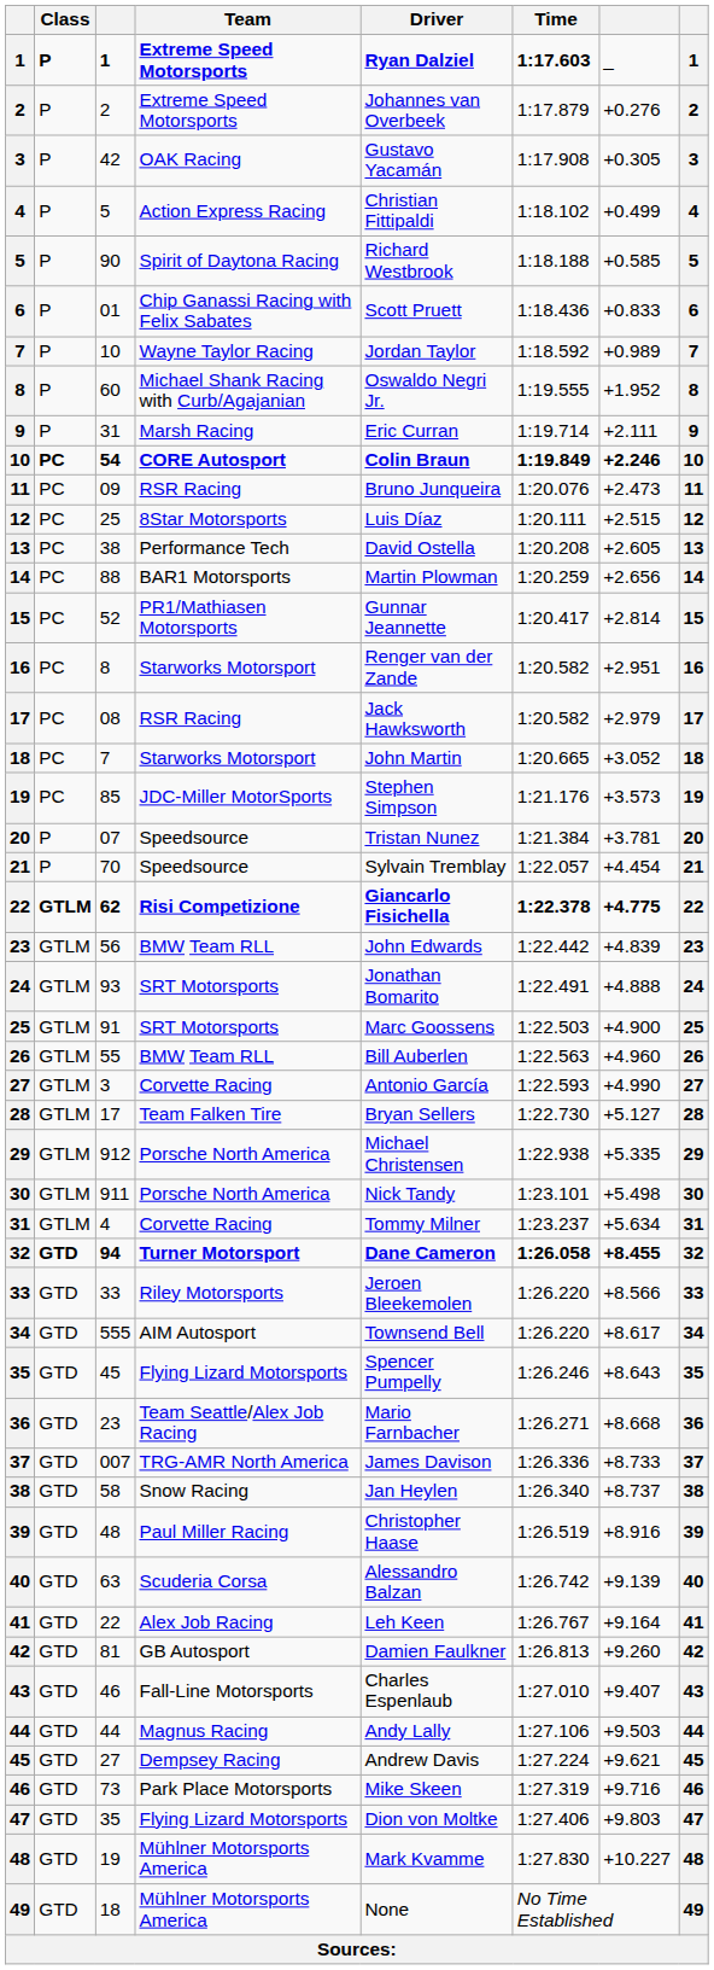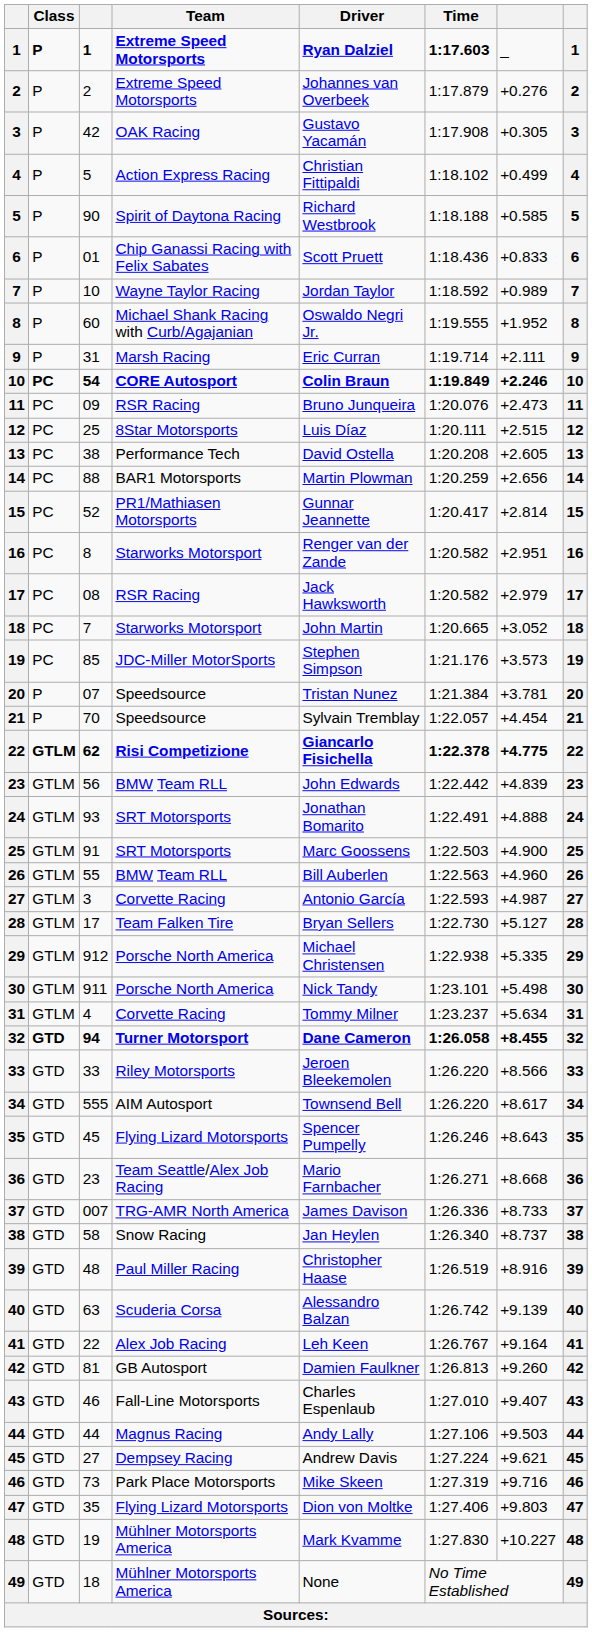 <table class="wikitable">
 <tr>
 <th></th>
 <th>Class</th>
 <th></th>
 <th>Team</th>
 <th>Driver</th>
 <th>Time</th>
 <th></th>
 <th></th>
 </tr>
 <tr>
 <th>1</th>
 <td><strong>P</strong></td>
 <td><strong>1</strong></td>
 <td><strong> <a href='#'>Extreme Speed Motorsports</a></strong></td>
 <td><strong> <a href='#'>Ryan Dalziel</a></strong></td>
 <td><strong>1:17.603</strong></td>
 <td>_</td>
 <th>1</th>
 </tr>
 <tr>
 <th>2</th>
 <td>P</td>
 <td>2</td>
 <td> <a href='#'>Extreme Speed Motorsports</a></td>
 <td> <a href='#'>Johannes van Overbeek</a></td>
 <td>1:17.879</td>
 <td>+0.276</td>
 <th>2</th>
 </tr>
 <tr>
 <th>3</th>
 <td>P</td>
 <td>42</td>
 <td> <a href='#'>OAK Racing</a></td>
 <td> <a href='#'>Gustavo Yacamán</a></td>
 <td>1:17.908</td>
 <td>+0.305</td>
 <th>3</th>
 </tr>
 <tr>
 <th>4</th>
 <td>P</td>
 <td>5</td>
 <td> <a href='#'>Action Express Racing</a></td>
 <td> <a href='#'>Christian Fittipaldi</a></td>
 <td>1:18.102</td>
 <td>+0.499</td>
 <th>4</th>
 </tr>
 <tr>
 <th>5</th>
 <td>P</td>
 <td>90</td>
 <td> <a href='#'>Spirit of Daytona Racing</a></td>
 <td> <a href='#'>Richard Westbrook</a></td>
 <td>1:18.188</td>
 <td>+0.585</td>
 <th>5</th>
 </tr>
 <tr>
 <th>6</th>
 <td>P</td>
 <td>01</td>
 <td> <a href='#'>Chip Ganassi Racing with Felix Sabates</a></td>
 <td> <a href='#'>Scott Pruett</a></td>
 <td>1:18.436</td>
 <td>+0.833</td>
 <th>6</th>
 </tr>
 <tr>
 <th>7</th>
 <td>P</td>
 <td>10</td>
 <td> <a href='#'>Wayne Taylor Racing</a></td>
 <td> <a href='#'>Jordan Taylor</a></td>
 <td>1:18.592</td>
 <td>+0.989</td>
 <th>7</th>
 </tr>
 <tr>
 <th>8</th>
 <td>P</td>
 <td>60</td>
 <td> <a href='#'>Michael Shank Racing</a> with <a href='#'>Curb/Agajanian</a></td>
 <td> <a href='#'>Oswaldo Negri Jr.</a></td>
 <td>1:19.555</td>
 <td>+1.952</td>
 <th>8</th>
 </tr>
 <tr>
 <th>9</th>
 <td>P</td>
 <td>31</td>
 <td> <a href='#'>Marsh Racing</a></td>
 <td> <a href='#'>Eric Curran</a></td>
 <td>1:19.714</td>
 <td>+2.111</td>
 <th>9</th>
 </tr>
 <tr>
 <th>10</th>
 <td><strong>PC</strong></td>
 <td><strong>54</strong></td>
 <td><strong> <a href='#'>CORE Autosport</a></strong></td>
 <td><strong> <a href='#'>Colin Braun</a></strong></td>
 <td><strong>1:19.849</strong></td>
 <td><strong>+2.246</strong></td>
 <th>10</th>
 </tr>
 <tr>
 <th>11</th>
 <td>PC</td>
 <td>09</td>
 <td> <a href='#'>RSR Racing</a></td>
 <td> <a href='#'>Bruno Junqueira</a></td>
 <td>1:20.076</td>
 <td>+2.473</td>
 <th>11</th>
 </tr>
 <tr>
 <th>12</th>
 <td>PC</td>
 <td>25</td>
 <td> <a href='#'>8Star Motorsports</a></td>
 <td> <a href='#'>Luis Díaz</a></td>
 <td>1:20.111</td>
 <td>+2.515</td>
 <th>12</th>
 </tr>
 <tr>
 <th>13</th>
 <td>PC</td>
 <td>38</td>
 <td> Performance Tech</td>
 <td> <a href='#'>David Ostella</a></td>
 <td>1:20.208</td>
 <td>+2.605</td>
 <th>13</th>
 </tr>
 <tr>
 <th>14</th>
 <td>PC</td>
 <td>88</td>
 <td> BAR1 Motorsports</td>
 <td> <a href='#'>Martin Plowman</a></td>
 <td>1:20.259</td>
 <td>+2.656</td>
 <th>14</th>
 </tr>
 <tr>
 <th>15</th>
 <td>PC</td>
 <td>52</td>
 <td> <a href='#'>PR1/Mathiasen Motorsports</a></td>
 <td> <a href='#'>Gunnar Jeannette</a></td>
 <td>1:20.417</td>
 <td>+2.814</td>
 <th>15</th>
 </tr>
 <tr>
 <th>16</th>
 <td>PC</td>
 <td>8</td>
 <td> <a href='#'>Starworks Motorsport</a></td>
 <td> <a href='#'>Renger van der Zande</a></td>
 <td>1:20.582</td>
 <td>+2.951</td>
 <th>16</th>
 </tr>
 <tr>
 <th>17</th>
 <td>PC</td>
 <td>08</td>
 <td> <a href='#'>RSR Racing</a></td>
 <td> <a href='#'>Jack Hawksworth</a></td>
 <td>1:20.582</td>
 <td>+2.979</td>
 <th>17</th>
 </tr>
 <tr>
 <th>18</th>
 <td>PC</td>
 <td>7</td>
 <td> <a href='#'>Starworks Motorsport</a></td>
 <td> <a href='#'>John Martin</a></td>
 <td>1:20.665</td>
 <td>+3.052</td>
 <th>18</th>
 </tr>
 <tr>
 <th>19</th>
 <td>PC</td>
 <td>85</td>
 <td> <a href='#'>JDC-Miller MotorSports</a></td>
 <td> <a href='#'>Stephen Simpson</a></td>
 <td>1:21.176</td>
 <td>+3.573</td>
 <th>19</th>
 </tr>
 <tr>
 <th>20</th>
 <td>P</td>
 <td>07</td>
 <td> Speedsource</td>
 <td> <a href='#'>Tristan Nunez</a></td>
 <td>1:21.384</td>
 <td>+3.781</td>
 <th>20</th>
 </tr>
 <tr>
 <th>21</th>
 <td>P</td>
 <td>70</td>
 <td> Speedsource</td>
 <td> Sylvain Tremblay</td>
 <td>1:22.057</td>
 <td>+4.454</td>
 <th>21</th>
 </tr>
 <tr>
 <th>22</th>
 <td><strong>GTLM</strong></td>
 <td><strong>62</strong></td>
 <td><strong> <a href='#'>Risi Competizione</a></strong></td>
 <td><strong> <a href='#'>Giancarlo Fisichella</a></strong></td>
 <td><strong>1:22.378</strong></td>
 <td><strong>+4.775</strong></td>
 <th>22</th>
 </tr>
 <tr>
 <th>23</th>
 <td>GTLM</td>
 <td>56</td>
 <td> <a href='#'>BMW</a> <a href='#'>Team RLL</a></td>
 <td> <a href='#'>John Edwards</a></td>
 <td>1:22.442</td>
 <td>+4.839</td>
 <th>23</th>
 </tr>
 <tr>
 <th>24</th>
 <td>GTLM</td>
 <td>93</td>
 <td> <a href='#'>SRT Motorsports</a></td>
 <td> <a href='#'>Jonathan Bomarito</a></td>
 <td>1:22.491</td>
 <td>+4.888</td>
 <th>24</th>
 </tr>
 <tr>
 <th>25</th>
 <td>GTLM</td>
 <td>91</td>
 <td> <a href='#'>SRT Motorsports</a></td>
 <td> <a href='#'>Marc Goossens</a></td>
 <td>1:22.503</td>
 <td>+4.900</td>
 <th>25</th>
 </tr>
 <tr>
 <th>26</th>
 <td>GTLM</td>
 <td>55</td>
 <td> <a href='#'>BMW</a> <a href='#'>Team RLL</a></td>
 <td> <a href='#'>Bill Auberlen</a></td>
 <td>1:22.563</td>
 <td>+4.960</td>
 <th>26</th>
 </tr>
 <tr>
 <th>27</th>
 <td>GTLM</td>
 <td>3</td>
 <td> <a href='#'>Corvette Racing</a></td>
 <td> <a href='#'>Antonio García</a></td>
 <td>1:22.593</td>
-<td>+4.990</td>
+<td>+4.987</td>
 <th>27</th>
 </tr>
 <tr>
 <th>28</th>
 <td>GTLM</td>
 <td>17</td>
 <td> <a href='#'>Team Falken Tire</a></td>
 <td> <a href='#'>Bryan Sellers</a></td>
 <td>1:22.730</td>
 <td>+5.127</td>
 <th>28</th>
 </tr>
 <tr>
 <th>29</th>
 <td>GTLM</td>
 <td>912</td>
 <td> <a href='#'>Porsche North America</a></td>
 <td> <a href='#'>Michael Christensen</a></td>
 <td>1:22.938</td>
 <td>+5.335</td>
 <th>29</th>
 </tr>
 <tr>
 <th>30</th>
 <td>GTLM</td>
 <td>911</td>
 <td> <a href='#'>Porsche North America</a></td>
 <td> <a href='#'>Nick Tandy</a></td>
 <td>1:23.101</td>
 <td>+5.498</td>
 <th>30</th>
 </tr>
 <tr>
 <th>31</th>
 <td>GTLM</td>
 <td>4</td>
 <td> <a href='#'>Corvette Racing</a></td>
 <td> <a href='#'>Tommy Milner</a></td>
 <td>1:23.237</td>
 <td>+5.634</td>
 <th>31</th>
 </tr>
 <tr>
 <th>32</th>
 <td><strong>GTD</strong></td>
 <td><strong>94</strong></td>
 <td><strong> <a href='#'>Turner Motorsport</a></strong></td>
 <td><strong> <a href='#'>Dane Cameron</a></strong></td>
 <td><strong>1:26.058</strong></td>
 <td><strong>+8.455</strong></td>
 <th>32</th>
 </tr>
 <tr>
 <th>33</th>
 <td>GTD</td>
 <td>33</td>
 <td> <a href='#'>Riley Motorsports</a></td>
 <td> <a href='#'>Jeroen Bleekemolen</a></td>
 <td>1:26.220</td>
 <td>+8.566</td>
 <th>33</th>
 </tr>
 <tr>
 <th>34</th>
 <td>GTD</td>
 <td>555</td>
 <td> AIM Autosport</td>
 <td> <a href='#'>Townsend Bell</a></td>
 <td>1:26.220</td>
 <td>+8.617</td>
 <th>34</th>
 </tr>
 <tr>
 <th>35</th>
 <td>GTD</td>
 <td>45</td>
 <td> <a href='#'>Flying Lizard Motorsports</a></td>
 <td> <a href='#'>Spencer Pumpelly</a></td>
 <td>1:26.246</td>
 <td>+8.643</td>
 <th>35</th>
 </tr>
 <tr>
 <th>36</th>
 <td>GTD</td>
 <td>23</td>
 <td> <a href='#'>Team Seattle</a>/<a href='#'>Alex Job Racing</a></td>
 <td> <a href='#'>Mario Farnbacher</a></td>
 <td>1:26.271</td>
 <td>+8.668</td>
 <th>36</th>
 </tr>
 <tr>
 <th>37</th>
 <td>GTD</td>
 <td>007</td>
 <td> <a href='#'>TRG-AMR North America</a></td>
 <td> <a href='#'>James Davison</a></td>
 <td>1:26.336</td>
 <td>+8.733</td>
 <th>37</th>
 </tr>
 <tr>
 <th>38</th>
 <td>GTD</td>
 <td>58</td>
 <td> Snow Racing</td>
 <td> <a href='#'>Jan Heylen</a></td>
 <td>1:26.340</td>
 <td>+8.737</td>
 <th>38</th>
 </tr>
 <tr>
 <th>39</th>
 <td>GTD</td>
 <td>48</td>
 <td> <a href='#'>Paul Miller Racing</a></td>
 <td> <a href='#'>Christopher Haase</a></td>
 <td>1:26.519</td>
 <td>+8.916</td>
 <th>39</th>
 </tr>
 <tr>
 <th>40</th>
 <td>GTD</td>
 <td>63</td>
 <td> <a href='#'>Scuderia Corsa</a></td>
 <td> <a href='#'>Alessandro Balzan</a></td>
 <td>1:26.742</td>
 <td>+9.139</td>
 <th>40</th>
 </tr>
 <tr>
 <th>41</th>
 <td>GTD</td>
 <td>22</td>
 <td> <a href='#'>Alex Job Racing</a></td>
 <td> <a href='#'>Leh Keen</a></td>
 <td>1:26.767</td>
 <td>+9.164</td>
 <th>41</th>
 </tr>
 <tr>
 <th>42</th>
 <td>GTD</td>
 <td>81</td>
 <td> GB Autosport</td>
 <td> <a href='#'>Damien Faulkner</a></td>
 <td>1:26.813</td>
 <td>+9.260</td>
 <th>42</th>
 </tr>
 <tr>
 <th>43</th>
 <td>GTD</td>
 <td>46</td>
 <td> Fall-Line Motorsports</td>
 <td> Charles Espenlaub</td>
 <td>1:27.010</td>
 <td>+9.407</td>
 <th>43</th>
 </tr>
 <tr>
 <th>44</th>
 <td>GTD</td>
 <td>44</td>
 <td> <a href='#'>Magnus Racing</a></td>
 <td> <a href='#'>Andy Lally</a></td>
 <td>1:27.106</td>
 <td>+9.503</td>
 <th>44</th>
 </tr>
 <tr>
 <th>45</th>
 <td>GTD</td>
 <td>27</td>
 <td> <a href='#'>Dempsey Racing</a></td>
 <td> Andrew Davis</td>
 <td>1:27.224</td>
 <td>+9.621</td>
 <th>45</th>
 </tr>
 <tr>
 <th>46</th>
 <td>GTD</td>
 <td>73</td>
 <td> Park Place Motorsports</td>
 <td> <a href='#'>Mike Skeen</a></td>
 <td>1:27.319</td>
 <td>+9.716</td>
 <th>46</th>
 </tr>
 <tr>
 <th>47</th>
 <td>GTD</td>
 <td>35</td>
 <td> <a href='#'>Flying Lizard Motorsports</a></td>
 <td> <a href='#'>Dion von Moltke</a></td>
 <td>1:27.406</td>
 <td>+9.803</td>
 <th>47</th>
 </tr>
 <tr>
 <th>48</th>
 <td>GTD</td>
 <td>19</td>
 <td> <a href='#'>Mühlner Motorsports America</a></td>
 <td> <a href='#'>Mark Kvamme</a></td>
 <td>1:27.830</td>
 <td>+10.227</td>
 <th>48</th>
 </tr>
 <tr>
 <th>49</th>
 <td>GTD</td>
 <td>18</td>
 <td> <a href='#'>Mühlner Motorsports America</a></td>
 <td>None</td>
 <td colspan="2"><em>No Time Established</em></td>
 <th>49</th>
 </tr>
 <tr>
 <th colspan="8">Sources:</th>
 </tr>
 </table>
